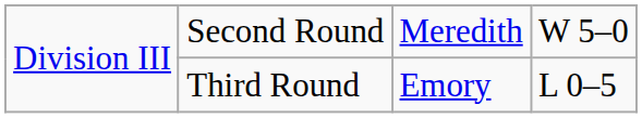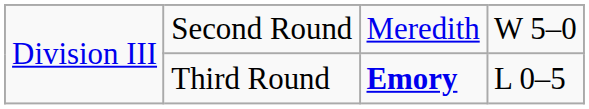 <table class="wikitable">
 <tr>
 <td rowspan="5"><a href='#'>Division III</a></td>
 <td>Second Round</td>
 <td><a href='#'>Meredith</a></td>
 <td>W 5–0</td>
 </tr>
 <tr>
 <td>Third Round</td>
-<td><a href='#'>Emory</a></td>
+<td><strong><a href='#'>Emory</a></strong></td>
 <td>L 0–5</td>
 </tr>
 </table>
